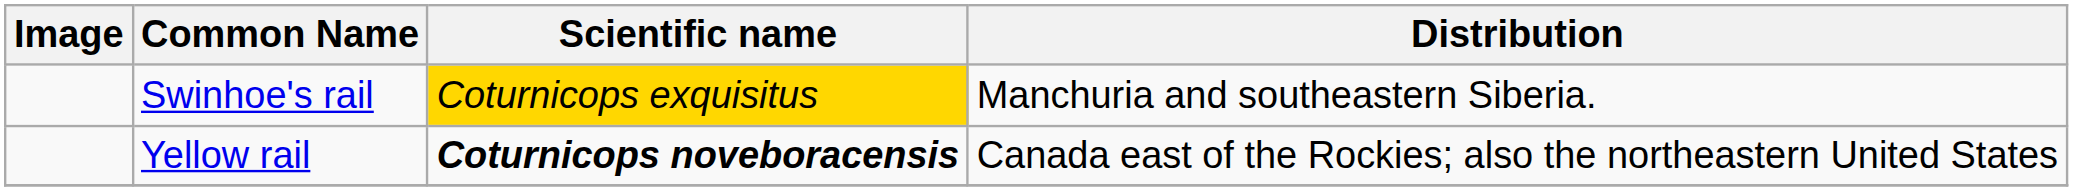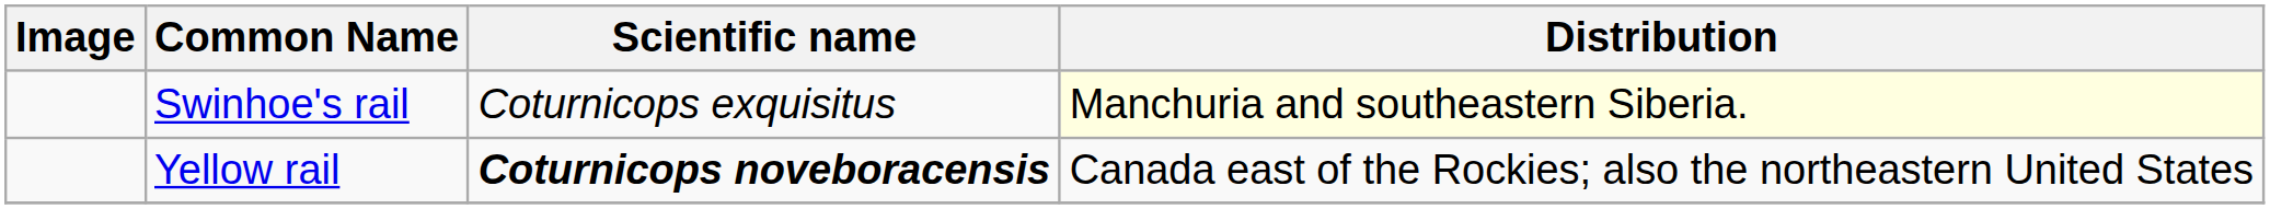 <table class="wikitable">
 <tr>
 <th>Image</th>
 <th>Common Name</th>
 <th>Scientific name</th>
 <th>Distribution</th>
 </tr>
 <tr>
 <td></td>
 <td><a href='#'>Swinhoe's rail</a></td>
-<td style="background: gold;"><em>Coturnicops exquisitus</em></td>
-<td>Manchuria and southeastern Siberia.</td>
+<td><em>Coturnicops exquisitus</em></td>
+<td style="background: lightyellow;">Manchuria and southeastern Siberia.</td>
 </tr>
 <tr>
 <td></td>
 <td><a href='#'>Yellow rail</a></td>
 <td><strong><em> Coturnicops noveboracensis</em></strong></td>
 <td>Canada east of the Rockies; also the northeastern United States</td>
 </tr>
 <tr>
 </tr>
 </table>
